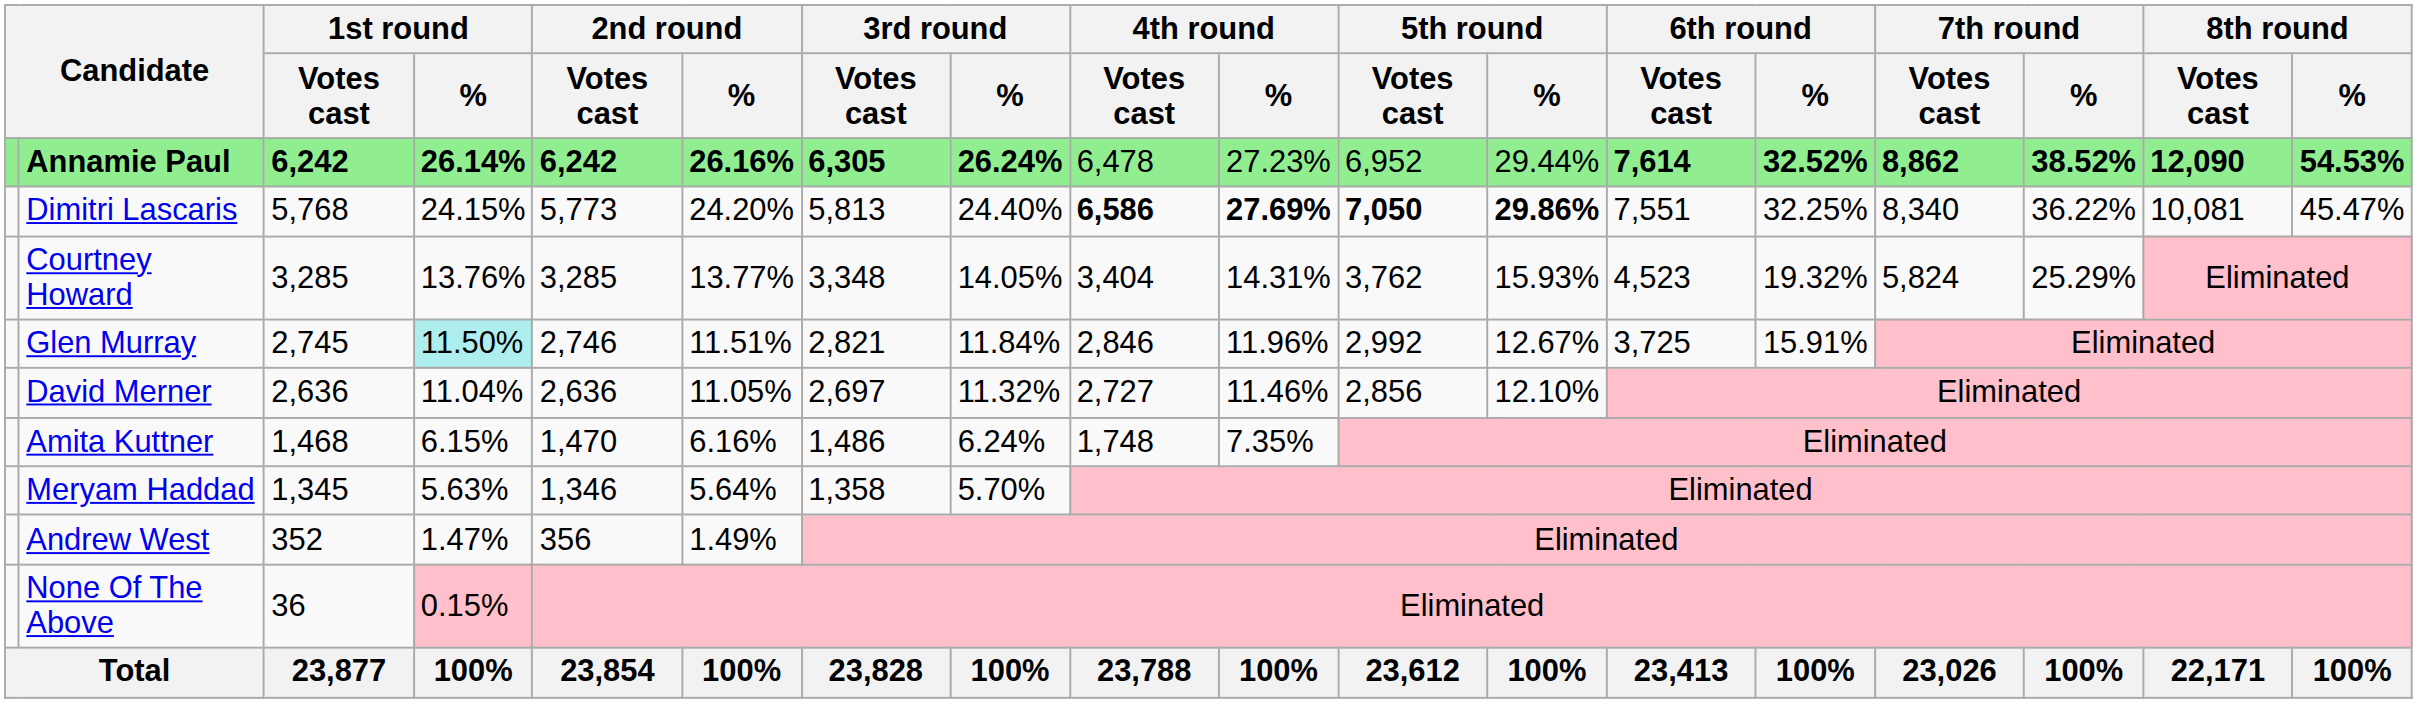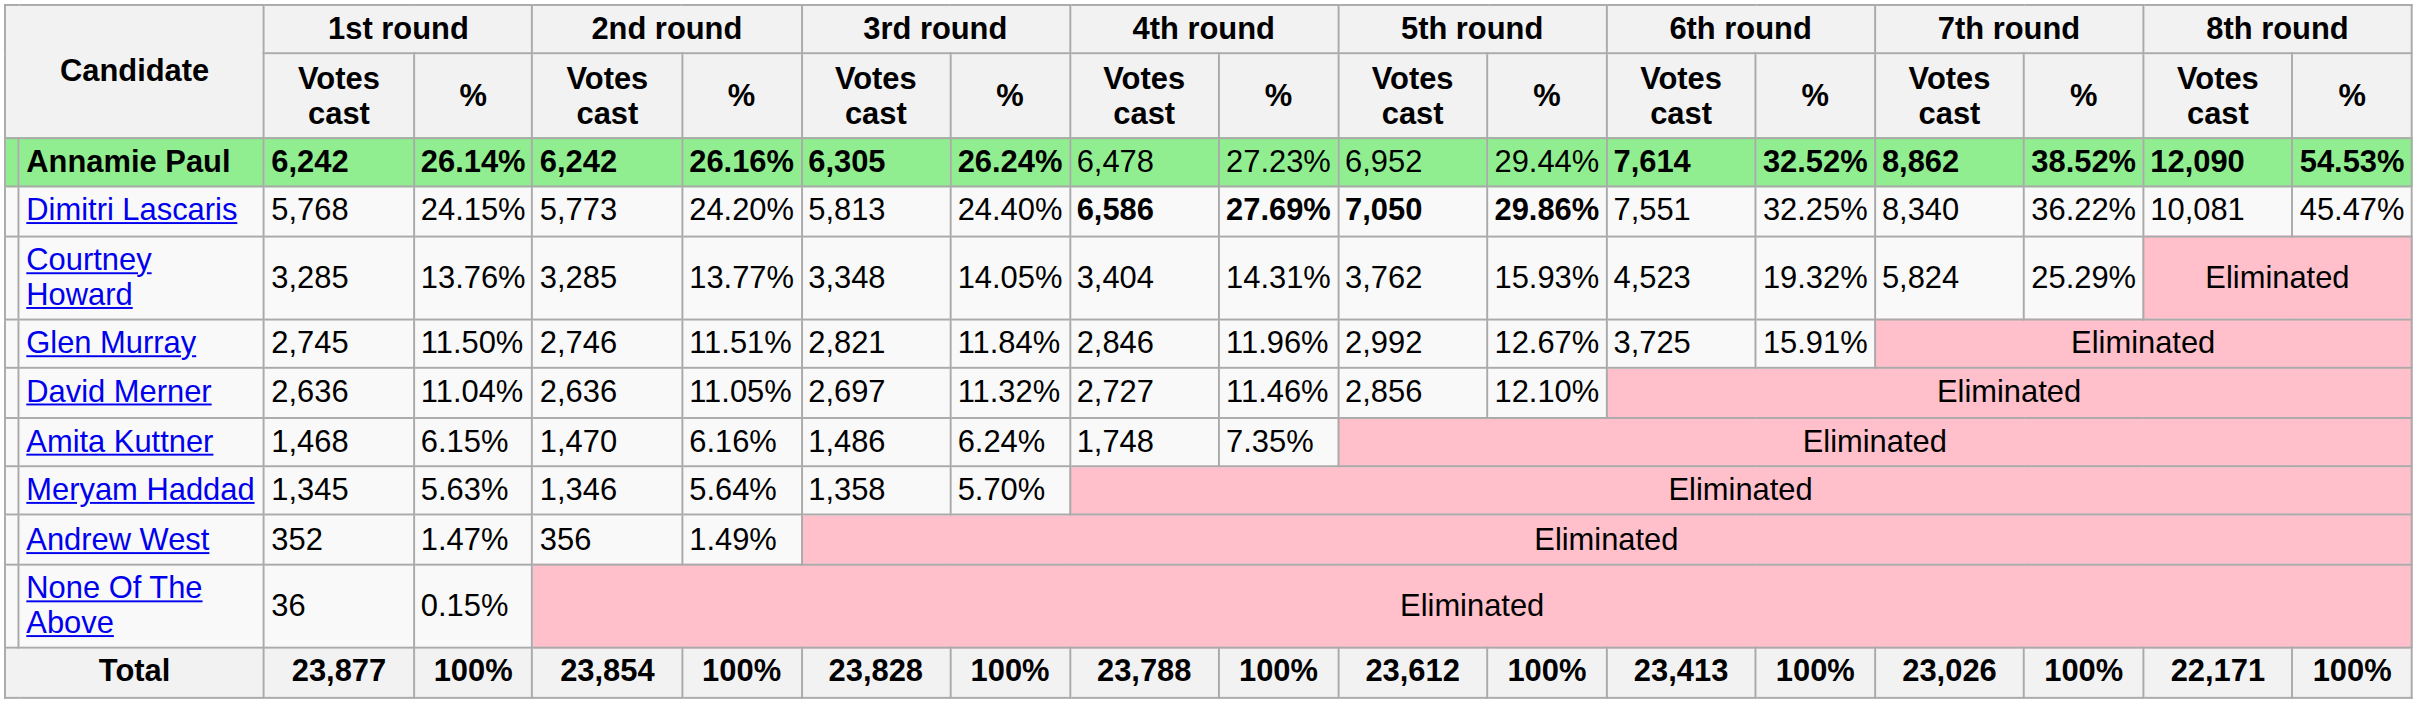 <table class="wikitable">
 <tr>
 <th rowspan="2" colspan="2">Candidate</th>
 <th colspan="2">1st round</th>
 <th colspan="2">2nd round</th>
 <th colspan="2">3rd round</th>
 <th colspan="2">4th round</th>
 <th colspan="2">5th round</th>
 <th colspan="2">6th round</th>
 <th colspan="2">7th round</th>
 <th colspan="2">8th round</th>
 </tr>
 <tr>
 <th>Votes cast</th>
 <th>%</th>
 <th>Votes cast</th>
 <th>%</th>
 <th>Votes cast</th>
 <th>%</th>
 <th>Votes cast</th>
 <th>%</th>
 <th>Votes cast</th>
 <th>%</th>
 <th>Votes cast</th>
 <th>%</th>
 <th>Votes cast</th>
 <th>%</th>
 <th>Votes cast</th>
 <th>%</th>
 </tr>
 <tr style="background:lightgreen;">
 <td></td>
 <td><strong>Annamie Paul</strong></td>
 <td><strong>6,242</strong></td>
 <td><strong>26.14%</strong></td>
 <td><strong>6,242</strong></td>
 <td><strong>26.16%</strong></td>
 <td><strong>6,305</strong></td>
 <td><strong>26.24%</strong></td>
 <td>6,478</td>
 <td>27.23%</td>
 <td>6,952</td>
 <td>29.44%</td>
 <td><strong>7,614</strong></td>
 <td><strong>32.52%</strong></td>
 <td><strong>8,862</strong></td>
 <td><strong>38.52%</strong></td>
 <td><strong>12,090</strong></td>
 <td><strong>54.53%</strong></td>
 </tr>
 <tr>
 <td></td>
 <td><a href='#'>Dimitri Lascaris</a></td>
 <td>5,768</td>
 <td>24.15%</td>
 <td>5,773</td>
 <td>24.20%</td>
 <td>5,813</td>
 <td>24.40%</td>
 <td><strong>6,586</strong></td>
 <td><strong>27.69%</strong></td>
 <td><strong>7,050</strong></td>
 <td><strong>29.86%</strong></td>
 <td>7,551</td>
 <td>32.25%</td>
 <td>8,340</td>
 <td>36.22%</td>
 <td>10,081</td>
 <td>45.47%</td>
 </tr>
 <tr>
 <td></td>
 <td><a href='#'>Courtney Howard</a></td>
 <td>3,285</td>
 <td>13.76%</td>
 <td>3,285</td>
 <td>13.77%</td>
 <td>3,348</td>
 <td>14.05%</td>
 <td>3,404</td>
 <td>14.31%</td>
 <td>3,762</td>
 <td>15.93%</td>
 <td>4,523</td>
 <td>19.32%</td>
 <td>5,824</td>
 <td>25.29%</td>
 <td colspan="2" style="background:pink; text-align:center">Eliminated</td>
 </tr>
 <tr>
 <td></td>
 <td><a href='#'>Glen Murray</a></td>
 <td>2,745</td>
-<td style="background: paleturquoise;">11.50%</td>
+<td>11.50%</td>
 <td>2,746</td>
 <td>11.51%</td>
 <td>2,821</td>
 <td>11.84%</td>
 <td>2,846</td>
 <td>11.96%</td>
 <td>2,992</td>
 <td>12.67%</td>
 <td>3,725</td>
 <td>15.91%</td>
 <td colspan="4" style="background:pink; text-align:center">Eliminated</td>
 </tr>
 <tr>
 <td></td>
 <td><a href='#'>David Merner</a></td>
 <td>2,636</td>
 <td>11.04%</td>
 <td>2,636</td>
 <td>11.05%</td>
 <td>2,697</td>
 <td>11.32%</td>
 <td>2,727</td>
 <td>11.46%</td>
 <td>2,856</td>
 <td>12.10%</td>
 <td colspan="6" style="background:pink; text-align:center">Eliminated</td>
 </tr>
 <tr>
 <td></td>
 <td><a href='#'>Amita Kuttner</a></td>
 <td>1,468</td>
 <td>6.15%</td>
 <td>1,470</td>
 <td>6.16%</td>
 <td>1,486</td>
 <td>6.24%</td>
 <td>1,748</td>
 <td>7.35%</td>
 <td colspan="8" style="background:pink; text-align:center">Eliminated</td>
 </tr>
 <tr>
 <td></td>
 <td><a href='#'>Meryam Haddad</a></td>
 <td>1,345</td>
 <td>5.63%</td>
 <td>1,346</td>
 <td>5.64%</td>
 <td>1,358</td>
 <td>5.70%</td>
 <td colspan="10" style="background:pink; text-align:center">Eliminated</td>
 </tr>
 <tr>
 <td></td>
 <td><a href='#'>Andrew West</a></td>
 <td>352</td>
 <td>1.47%</td>
 <td>356</td>
 <td>1.49%</td>
 <td colspan="12" style="background:pink; text-align:center">Eliminated</td>
 </tr>
 <tr>
 <td></td>
 <td><a href='#'>None Of The Above</a></td>
 <td>36</td>
-<td style="background: pink;">0.15%</td>
+<td>0.15%</td>
 <td colspan="14" style="background:pink; text-align:center">Eliminated</td>
 </tr>
 <tr>
 <th colspan="2">Total</th>
 <th align="right">23,877</th>
 <th align="right">100%</th>
 <th align="right">23,854</th>
 <th align="right">100%</th>
 <th align="right">23,828</th>
 <th align="right">100%</th>
 <th align="right">23,788</th>
 <th align="right">100%</th>
 <th align="right">23,612</th>
 <th align="right">100%</th>
 <th align="right">23,413</th>
 <th align="right">100%</th>
 <th align="right">23,026</th>
 <th align="right">100%</th>
 <th align="right">22,171</th>
 <th align="right">100%</th>
 </tr>
 </table>
